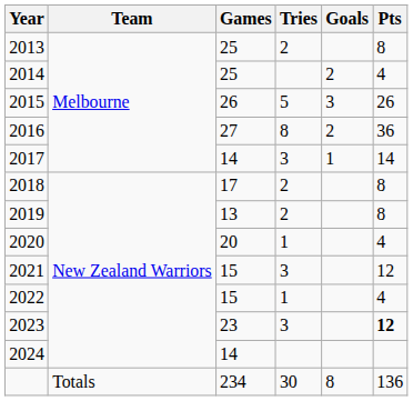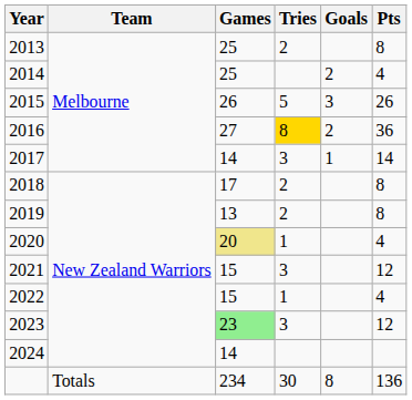 <table class="wikitable">
 <tr>
 <th>Year</th>
 <th>Team</th>
 <th>Games</th>
 <th>Tries</th>
 <th>Goals</th>
 <th>Pts</th>
 </tr>
 <tr>
 <td>2013</td>
 <td rowspan="5"> <a href='#'>Melbourne</a></td>
 <td>25</td>
 <td>2</td>
 <td></td>
 <td>8</td>
 </tr>
 <tr>
 <td>2014</td>
 <td>25</td>
 <td></td>
 <td>2</td>
 <td>4</td>
 </tr>
 <tr>
 <td>2015</td>
 <td>26</td>
 <td>5</td>
 <td>3</td>
 <td>26</td>
 </tr>
 <tr>
 <td>2016</td>
 <td>27</td>
-<td>8</td>
+<td style="background: gold;">8</td>
 <td>2</td>
 <td>36</td>
 </tr>
 <tr>
 <td>2017</td>
 <td>14</td>
 <td>3</td>
 <td>1</td>
 <td>14</td>
 </tr>
 <tr>
 <td>2018</td>
 <td rowspan="7"> <a href='#'>New Zealand Warriors</a></td>
 <td>17</td>
 <td>2</td>
 <td></td>
 <td>8</td>
 </tr>
 <tr>
 <td>2019</td>
 <td>13</td>
 <td>2</td>
 <td></td>
 <td>8</td>
 </tr>
 <tr>
 <td>2020</td>
-<td>20</td>
+<td style="background: khaki;">20</td>
 <td>1</td>
 <td></td>
 <td>4</td>
 </tr>
 <tr>
 <td>2021</td>
 <td>15</td>
 <td>3</td>
 <td></td>
 <td>12</td>
 </tr>
 <tr>
 <td>2022</td>
 <td>15</td>
 <td>1</td>
 <td></td>
 <td>4</td>
 </tr>
 <tr>
 <td>2023</td>
-<td>23</td>
+<td style="background: lightgreen;">23</td>
 <td>3</td>
 <td></td>
-<td><strong>12</strong></td>
+<td>12</td>
 </tr>
 <tr>
 <td>2024</td>
 <td>14</td>
 <td></td>
 <td></td>
 <td></td>
 </tr>
 <tr>
 <td></td>
 <td>Totals</td>
 <td>234</td>
 <td>30</td>
 <td>8</td>
 <td>136</td>
 </tr>
 </table>
